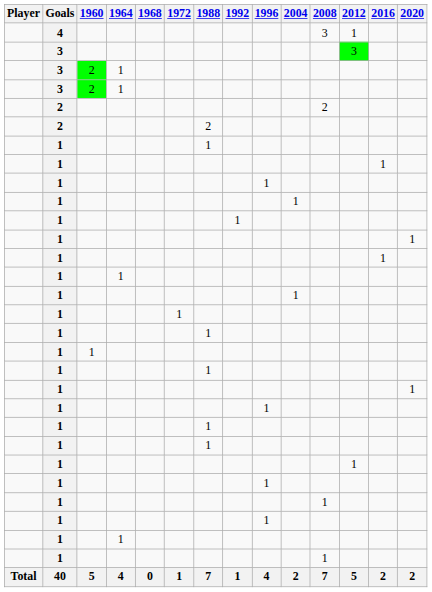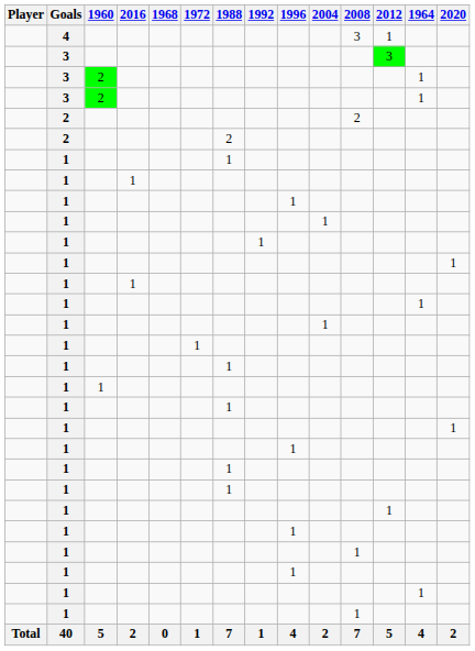 <table class="wikitable sortable" style="text-align:center;">
 <tr>
 <th>Player</th>
 <th>Goals</th>
 <th><a href='#'>1960</a></th>
-<th><a href='#'>1964</a></th>
+<th><a href='#'>2016</a></th>
 <th><a href='#'>1968</a></th>
 <th><a href='#'>1972</a></th>
 <th><a href='#'>1988</a></th>
 <th><a href='#'>1992</a></th>
 <th><a href='#'>1996</a></th>
 <th><a href='#'>2004</a></th>
 <th><a href='#'>2008</a></th>
 <th><a href='#'>2012</a></th>
-<th><a href='#'>2016</a></th>
+<th><a href='#'>1964</a></th>
 <th><a href='#'>2020</a></th>
 </tr>
 <tr>
 <td align="left"></td>
 <th>4</th>
 <td></td>
 <td></td>
 <td></td>
 <td></td>
 <td></td>
 <td></td>
 <td></td>
 <td></td>
 <td>3</td>
 <td>1</td>
 <td></td>
 <td></td>
 </tr>
 <tr>
 <td align="left"></td>
 <th>3</th>
 <td></td>
 <td></td>
 <td></td>
 <td></td>
 <td></td>
 <td></td>
 <td></td>
 <td></td>
 <td></td>
 <td style="background:#00FF00">3</td>
 <td></td>
 <td></td>
 </tr>
 <tr>
 <td align="left"></td>
 <th>3</th>
 <td style="background:#00FF00">2</td>
-<td>1</td>
 <td></td>
 <td></td>
 <td></td>
 <td></td>
 <td></td>
 <td></td>
 <td></td>
 <td></td>
 <td></td>
+<td>1</td>
 <td></td>
 </tr>
 <tr>
 <td align="left"></td>
 <th>3</th>
 <td style="background:#00FF00">2</td>
-<td>1</td>
 <td></td>
 <td></td>
 <td></td>
 <td></td>
 <td></td>
 <td></td>
 <td></td>
 <td></td>
 <td></td>
+<td>1</td>
 <td></td>
 </tr>
 <tr>
 <td align="left"></td>
 <th>2</th>
 <td></td>
 <td></td>
 <td></td>
 <td></td>
 <td></td>
 <td></td>
 <td></td>
 <td></td>
 <td>2</td>
 <td></td>
 <td></td>
 <td></td>
 </tr>
 <tr>
 <td align="left"></td>
 <th>2</th>
 <td></td>
 <td></td>
 <td></td>
 <td></td>
 <td>2</td>
 <td></td>
 <td></td>
 <td></td>
 <td></td>
 <td></td>
 <td></td>
 <td></td>
 </tr>
 <tr>
 <td align="left"></td>
 <th>1</th>
 <td></td>
 <td></td>
 <td></td>
 <td></td>
 <td>1</td>
 <td></td>
 <td></td>
 <td></td>
 <td></td>
 <td></td>
 <td></td>
 <td></td>
 </tr>
 <tr>
 <td align="left"></td>
 <th>1</th>
 <td></td>
+<td>1</td>
 <td></td>
 <td></td>
 <td></td>
 <td></td>
 <td></td>
 <td></td>
 <td></td>
 <td></td>
 <td></td>
-<td>1</td>
 <td></td>
 </tr>
 <tr>
 <td align="left"></td>
 <th>1</th>
 <td></td>
 <td></td>
 <td></td>
 <td></td>
 <td></td>
 <td></td>
 <td>1</td>
 <td></td>
 <td></td>
 <td></td>
 <td></td>
 <td></td>
 </tr>
 <tr>
 <td align="left"></td>
 <th>1</th>
 <td></td>
 <td></td>
 <td></td>
 <td></td>
 <td></td>
 <td></td>
 <td></td>
 <td>1</td>
 <td></td>
 <td></td>
 <td></td>
 <td></td>
 </tr>
 <tr>
 <td align="left"></td>
 <th>1</th>
 <td></td>
 <td></td>
 <td></td>
 <td></td>
 <td></td>
 <td>1</td>
 <td></td>
 <td></td>
 <td></td>
 <td></td>
 <td></td>
 <td></td>
 </tr>
 <tr>
 <td align="left"></td>
 <th>1</th>
 <td></td>
 <td></td>
 <td></td>
 <td></td>
 <td></td>
 <td></td>
 <td></td>
 <td></td>
 <td></td>
 <td></td>
 <td></td>
 <td>1</td>
 </tr>
 <tr>
 <td align="left"></td>
 <th>1</th>
 <td></td>
+<td>1</td>
+<td></td>
+<td></td>
+<td></td>
+<td></td>
+<td></td>
+<td></td>
+<td></td>
+<td></td>
+<td></td>
+<td></td>
+</tr>
+<tr>
+<td align="left"></td>
+<th>1</th>
+<td></td>
 <td></td>
 <td></td>
 <td></td>
 <td></td>
 <td></td>
 <td></td>
 <td></td>
 <td></td>
 <td></td>
 <td>1</td>
-<td></td>
-</tr>
-<tr>
-<td align="left"></td>
-<th>1</th>
-<td></td>
-<td>1</td>
-<td></td>
-<td></td>
-<td></td>
-<td></td>
-<td></td>
-<td></td>
-<td></td>
-<td></td>
-<td></td>
 <td></td>
 </tr>
 <tr>
 <td align="left"></td>
 <th>1</th>
 <td></td>
 <td></td>
 <td></td>
 <td></td>
 <td></td>
 <td></td>
 <td></td>
 <td>1</td>
 <td></td>
 <td></td>
 <td></td>
 <td></td>
 </tr>
 <tr>
 <td align="left"></td>
 <th>1</th>
 <td></td>
 <td></td>
 <td></td>
 <td>1</td>
 <td></td>
 <td></td>
 <td></td>
 <td></td>
 <td></td>
 <td></td>
 <td></td>
 <td></td>
 </tr>
 <tr>
 <td align="left"></td>
 <th>1</th>
 <td></td>
 <td></td>
 <td></td>
 <td></td>
 <td>1</td>
 <td></td>
 <td></td>
 <td></td>
 <td></td>
 <td></td>
 <td></td>
 <td></td>
 </tr>
 <tr>
 <td align="left"></td>
 <th>1</th>
 <td>1</td>
 <td></td>
 <td></td>
 <td></td>
 <td></td>
 <td></td>
 <td></td>
 <td></td>
 <td></td>
 <td></td>
 <td></td>
 <td></td>
 </tr>
 <tr>
 <td align="left"></td>
 <th>1</th>
 <td></td>
 <td></td>
 <td></td>
 <td></td>
 <td>1</td>
 <td></td>
 <td></td>
 <td></td>
 <td></td>
 <td></td>
 <td></td>
 <td></td>
 </tr>
 <tr>
 <td align="left"></td>
 <th>1</th>
 <td></td>
 <td></td>
 <td></td>
 <td></td>
 <td></td>
 <td></td>
 <td></td>
 <td></td>
 <td></td>
 <td></td>
 <td></td>
 <td>1</td>
 </tr>
 <tr>
 <td align="left"></td>
 <th>1</th>
 <td></td>
 <td></td>
 <td></td>
 <td></td>
 <td></td>
 <td></td>
 <td>1</td>
 <td></td>
 <td></td>
 <td></td>
 <td></td>
 <td></td>
 </tr>
 <tr>
 <td align="left"></td>
 <th>1</th>
 <td></td>
 <td></td>
 <td></td>
 <td></td>
 <td>1</td>
 <td></td>
 <td></td>
 <td></td>
 <td></td>
 <td></td>
 <td></td>
 <td></td>
 </tr>
 <tr>
 <td align="left"></td>
 <th>1</th>
 <td></td>
 <td></td>
 <td></td>
 <td></td>
 <td>1</td>
 <td></td>
 <td></td>
 <td></td>
 <td></td>
 <td></td>
 <td></td>
 <td></td>
 </tr>
 <tr>
 <td align="left"></td>
 <th>1</th>
 <td></td>
 <td></td>
 <td></td>
 <td></td>
 <td></td>
 <td></td>
 <td></td>
 <td></td>
 <td></td>
 <td>1</td>
 <td></td>
 <td></td>
 </tr>
 <tr>
 <td align="left"></td>
 <th>1</th>
 <td></td>
 <td></td>
 <td></td>
 <td></td>
 <td></td>
 <td></td>
 <td>1</td>
 <td></td>
 <td></td>
 <td></td>
 <td></td>
 <td></td>
 </tr>
 <tr>
 <td align="left"></td>
 <th>1</th>
 <td></td>
 <td></td>
 <td></td>
 <td></td>
 <td></td>
 <td></td>
 <td></td>
 <td></td>
 <td>1</td>
 <td></td>
 <td></td>
 <td></td>
 </tr>
 <tr>
 <td align="left"></td>
 <th>1</th>
 <td></td>
 <td></td>
 <td></td>
 <td></td>
 <td></td>
 <td></td>
 <td>1</td>
 <td></td>
 <td></td>
 <td></td>
 <td></td>
 <td></td>
 </tr>
 <tr>
 <td align="left"></td>
 <th>1</th>
 <td></td>
-<td>1</td>
 <td></td>
 <td></td>
 <td></td>
 <td></td>
 <td></td>
 <td></td>
 <td></td>
 <td></td>
 <td></td>
+<td>1</td>
 <td></td>
 </tr>
 <tr>
 <td align="left"></td>
 <th>1</th>
 <td></td>
 <td></td>
 <td></td>
 <td></td>
 <td></td>
 <td></td>
 <td></td>
 <td></td>
 <td>1</td>
 <td></td>
 <td></td>
 <td></td>
 </tr>
 <tr class="sortbottom">
 <th>Total</th>
 <th>40</th>
 <th>5</th>
-<th>4</th>
+<th>2</th>
 <th>0</th>
 <th>1</th>
 <th>7</th>
 <th>1</th>
 <th>4</th>
 <th>2</th>
 <th>7</th>
 <th>5</th>
-<th>2</th>
+<th>4</th>
 <th>2</th>
 </tr>
 </table>
